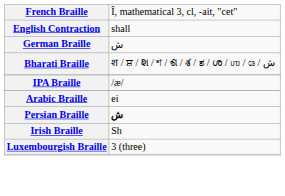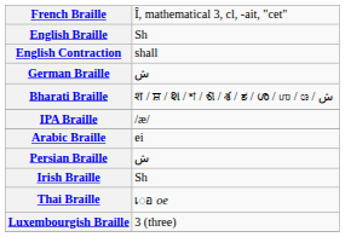 <table class="wikitable">
 <tr>
 <th align=left><a href='#'>French Braille</a></th>
 <td>Î, mathematical 3, cl, -ait, "cet"</td>
+</tr>
+<tr>
+<th align=left><a href='#'>English Braille</a></th>
+<td>Sh</td>
 </tr>
 <tr>
 <th align=left><a href='#'>English Contraction</a></th>
 <td>shall</td>
 </tr>
 <tr>
 <th align=left><a href='#'>German Braille</a></th>
 <td>ش</td>
 </tr>
 <tr>
 <th align=left><a href='#'>Bharati Braille</a></th>
 <td>श / ਸ਼ / શ / শ / ଶ / శ / ಶ / ശ / ஶ / ශ / ش ‎</td>
 </tr>
 <tr>
 </tr>
 <tr>
 <th align=left><a href='#'>IPA Braille</a></th>
 <td>/æ/</td>
 </tr>
 <tr>
 </tr>
 <tr>
 </tr>
 <tr>
 <th align=left><a href='#'>Arabic Braille</a></th>
 <td>ei</td>
 </tr>
 <tr>
 <th align=left><a href='#'>Persian Braille</a></th>
-<td><strong>ش</strong></td>
+<td>ش</td>
 </tr>
 <tr>
 <th align=left><a href='#'>Irish Braille</a></th>
 <td>Sh</td>
+</tr>
+<tr>
+<th align=left><a href='#'>Thai Braille</a></th>
+<td>เ◌อ <em>oe</em></td>
 </tr>
 <tr>
 <th align=left><a href='#'>Luxembourgish Braille</a></th>
 <td>3 (three)</td>
 </tr>
 <tr>
 </tr>
 </table>
